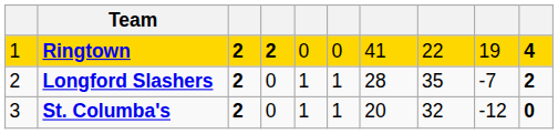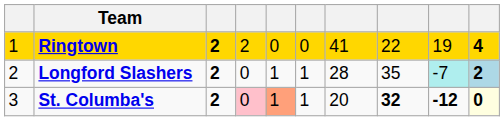 <table class="wikitable" style="text-align: centre;">
 <tr>
 <th width=20></th>
 <th width=150>Team</th>
 <th width=20></th>
 <th width=20></th>
 <th width=20></th>
 <th width=20></th>
 <th width=40></th>
 <th width=40></th>
 <th width=30></th>
 <th width=20></th>
 </tr>
 <tr style="background:gold;">
 <td>1</td>
 <td align=left><strong><a href='#'>Ringtown</a></strong></td>
 <td><strong>2</strong></td>
-<td><strong>2</strong></td>
+<td>2</td>
 <td>0</td>
 <td>0</td>
 <td>41</td>
 <td>22</td>
 <td>19</td>
 <td><strong>4</strong></td>
 </tr>
 <tr>
 <td>2</td>
 <td align=left><strong><a href='#'>Longford Slashers</a></strong></td>
 <td><strong>2</strong></td>
 <td>0</td>
 <td>1</td>
 <td>1</td>
 <td>28</td>
 <td>35</td>
-<td>-7</td>
-<td><strong>2</strong></td>
+<td style="background: paleturquoise;">-7</td>
+<td style="background: lightblue;"><strong>2</strong></td>
 </tr>
 <tr>
 <td>3</td>
 <td align=left><strong><a href='#'>St. Columba's</a></strong></td>
 <td><strong>2</strong></td>
-<td>0</td>
-<td>1</td>
+<td style="background: pink;">0</td>
+<td style="background: lightsalmon;">1</td>
 <td>1</td>
 <td>20</td>
-<td>32</td>
-<td>-12</td>
-<td><strong>0</strong></td>
+<td><strong>32</strong></td>
+<td><strong>-12</strong></td>
+<td style="background: lightyellow;"><strong>0</strong></td>
 </tr>
 </table>
